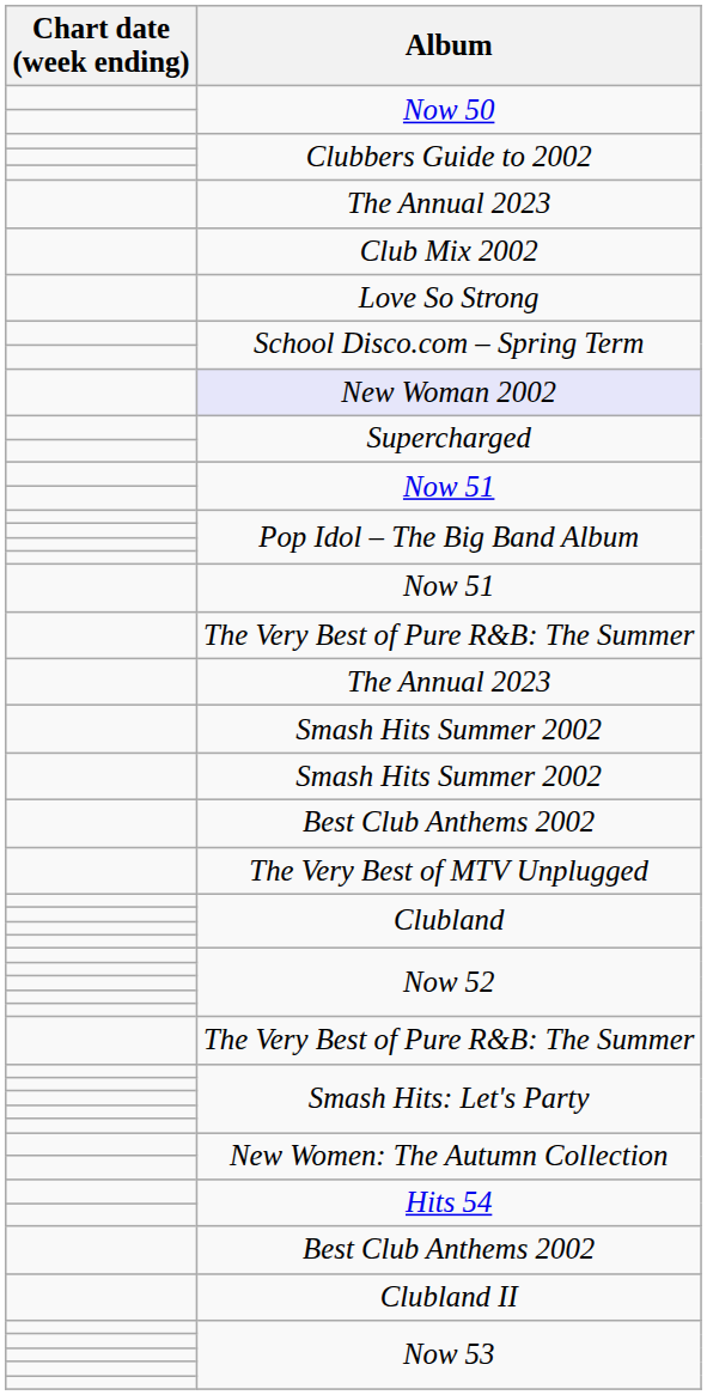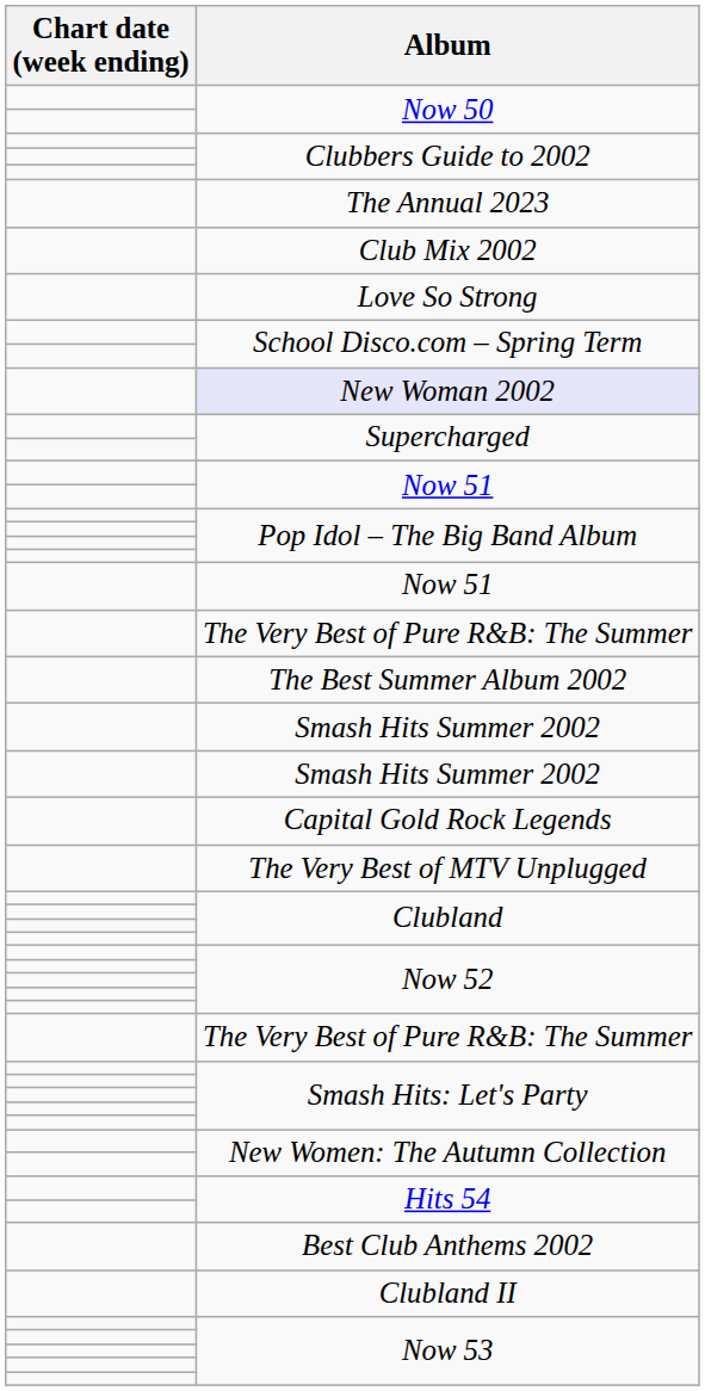 <table class="wikitable">
 <tr>
 <th style="text-align:center;">Chart date <br>(week ending)</th>
 <th style="text-align:center;">Album</th>
 </tr>
 <tr>
 <td style="text-align:left;"></td>
 <td style="text-align:center;" rowspan="2"><em><a href='#'>Now 50</a></em></td>
 </tr>
 <tr>
 <td style="text-align:left;"></td>
 </tr>
 <tr>
 <td style="text-align:left;"></td>
 <td style="text-align:center;" rowspan="3"><em>Clubbers Guide to 2002</em></td>
 </tr>
 <tr>
 <td style="text-align:left;"></td>
 </tr>
 <tr>
 <td style="text-align:left;"></td>
 </tr>
 <tr>
 <td style="text-align:left;"></td>
 <td style="text-align:center;"><em>The Annual 2023</em></td>
 </tr>
 <tr>
 <td style="text-align:left;"></td>
 <td style="text-align:center;"><em>Club Mix 2002</em></td>
 </tr>
 <tr>
 <td style="text-align:left;"></td>
 <td style="text-align:center;"><em>Love So Strong</em></td>
 </tr>
 <tr>
 <td style="text-align:left;"></td>
 <td style="text-align:center;" rowspan="2"><em>School Disco.com – Spring Term</em></td>
 </tr>
 <tr>
 <td style="text-align:left;"></td>
 </tr>
 <tr>
 <td style="text-align:left;"></td>
 <td style="background: lavender; text-align:center;"><em>New Woman 2002</em></td>
 </tr>
 <tr>
 <td style="text-align:left;"></td>
 <td style="text-align:center;" rowspan="2"><em>Supercharged</em></td>
 </tr>
 <tr>
 <td style="text-align:left;"></td>
 </tr>
 <tr>
 <td style="text-align:left;"></td>
 <td style="text-align:center;" rowspan="2"><em><a href='#'>Now 51</a></em></td>
 </tr>
 <tr>
 <td style="text-align:left;"></td>
 </tr>
 <tr>
 <td style="text-align:left;"></td>
 <td style="text-align:center;" rowspan="4"><em>Pop Idol – The Big Band Album</em></td>
 </tr>
 <tr>
 <td style="text-align:left;"></td>
 </tr>
 <tr>
 <td style="text-align:left;"></td>
 </tr>
 <tr>
 <td style="text-align:left;"></td>
 </tr>
 <tr>
 <td style="text-align:left;"></td>
 <td style="text-align:center;"><em>Now 51</em></td>
 </tr>
 <tr>
 <td style="text-align:left;"></td>
 <td style="text-align:center;"><em>The Very Best of Pure R&B: The Summer</em></td>
 </tr>
 <tr>
 <td style="text-align:left;"></td>
-<td style="text-align:center;"><em>The Annual 2023</em></td>
+<td style="text-align:center;"><em>The Best Summer Album 2002</em></td>
 </tr>
 <tr>
 <td style="text-align:left;"></td>
 <td style="text-align:center;"><em>Smash Hits Summer 2002</em></td>
 </tr>
 <tr>
 <td style="text-align:left;"></td>
 <td style="text-align:center;"><em>Smash Hits Summer 2002</em></td>
 </tr>
 <tr>
 <td style="text-align:left;"></td>
-<td style="text-align:center;"><em>Best Club Anthems 2002</em></td>
+<td style="text-align:center;"><em>Capital Gold Rock Legends</em></td>
 </tr>
 <tr>
 <td style="text-align:left;"></td>
 <td style="text-align:center;"><em>The Very Best of MTV Unplugged</em></td>
 </tr>
 <tr>
 <td style="text-align:left;"></td>
 <td style="text-align:center;" rowspan="4"><em>Clubland</em></td>
 </tr>
 <tr>
 <td style="text-align:left;"></td>
 </tr>
 <tr>
 <td style="text-align:left;"></td>
 </tr>
 <tr>
 <td style="text-align:left;"></td>
 </tr>
 <tr>
 <td style="text-align:left;"></td>
 <td style="text-align:center;" rowspan="5"><em>Now 52</em></td>
 </tr>
 <tr>
 <td style="text-align:left;"></td>
 </tr>
 <tr>
 <td style="text-align:left;"></td>
 </tr>
 <tr>
 <td style="text-align:left;"></td>
 </tr>
 <tr>
 <td style="text-align:left;"></td>
 </tr>
 <tr>
 <td style="text-align:left;"></td>
 <td style="text-align:center;"><em>The Very Best of Pure R&B: The Summer</em></td>
 </tr>
 <tr>
 <td style="text-align:left;"></td>
 <td style="text-align:center;" rowspan="5"><em>Smash Hits: Let's Party</em></td>
 </tr>
 <tr>
 <td style="text-align:left;"></td>
 </tr>
 <tr>
 <td style="text-align:left;"></td>
 </tr>
 <tr>
 <td style="text-align:left;"></td>
 </tr>
 <tr>
 <td style="text-align:left;"></td>
 </tr>
 <tr>
 <td style="text-align:left;"></td>
 <td style="text-align:center;" rowspan="2"><em>New Women: The Autumn Collection</em></td>
 </tr>
 <tr>
 <td style="text-align:left;"></td>
 </tr>
 <tr>
 <td style="text-align:left;"></td>
 <td style="text-align:center;" rowspan="2"><em><a href='#'>Hits 54</a></em></td>
 </tr>
 <tr>
 <td style="text-align:left;"></td>
 </tr>
 <tr>
 <td style="text-align:left;"></td>
 <td style="text-align:center;"><em>Best Club Anthems 2002</em></td>
 </tr>
 <tr>
 <td style="text-align:left;"></td>
 <td style="text-align:center;"><em>Clubland II</em></td>
 </tr>
 <tr>
 <td style="text-align:left;"></td>
 <td style="text-align:center;" rowspan="5"><em>Now 53</em></td>
 </tr>
 <tr>
 <td style="text-align:left;"></td>
 </tr>
 <tr>
 <td style="text-align:left;"></td>
 </tr>
 <tr>
 <td style="text-align:left;"></td>
 </tr>
 <tr>
 <td style="text-align:left;"></td>
 </tr>
 </table>
